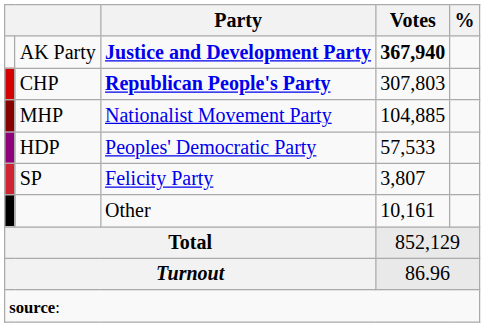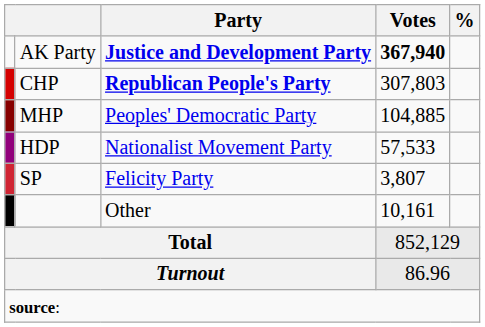 <table class="wikitable">
 <tr>
 <th colspan="2" align="center"></th>
 <th align="center">Party</th>
 <th align="center">Votes</th>
 <th align="center">%</th>
 </tr>
 <tr align="left">
 <td></td>
 <td>AK Party</td>
 <td><strong><a href='#'>Justice and Development Party</a></strong></td>
 <td><strong>367,940</strong></td>
 <td><strong></strong></td>
 </tr>
 <tr align="left">
 <td bgcolor="#d50000" width="1"></td>
 <td>CHP</td>
 <td><strong><a href='#'>Republican People's Party</a></strong></td>
 <td>307,803</td>
 <td></td>
 </tr>
 <tr align="left">
 <td bgcolor="#870000" width="1"></td>
 <td>MHP</td>
-<td><a href='#'>Nationalist Movement Party</a></td>
+<td><a href='#'>Peoples' Democratic Party</a></td>
 <td>104,885</td>
 <td></td>
 </tr>
 <tr align="left">
 <td bgcolor="#91007B" width="1"></td>
 <td>HDP</td>
-<td><a href='#'>Peoples' Democratic Party</a></td>
+<td><a href='#'>Nationalist Movement Party</a></td>
 <td>57,533</td>
 <td></td>
 </tr>
 <tr align="left">
 <td bgcolor="#D02433" width="1"></td>
 <td>SP</td>
 <td><a href='#'>Felicity Party</a></td>
 <td>3,807</td>
 <td></td>
 </tr>
 <tr align="left">
 <td bgcolor=" " width="1"></td>
 <td></td>
 <td>Other</td>
 <td>10,161</td>
 <td></td>
 </tr>
 <tr align="left" style="background-color:#E9E9E9">
 <th colspan="3" align="center"><strong>Total</strong></th>
 <td colspan="5" align="center">852,129</td>
 </tr>
 <tr align="left" style="background-color:#E9E9E9">
 <th colspan="3" align="center"><em>Turnout</em></th>
 <td colspan="5" align="center">86.96</td>
 </tr>
 <tr>
 <td colspan="9" align="left"><small><strong>source</strong>: </small></td>
 </tr>
 </table>
